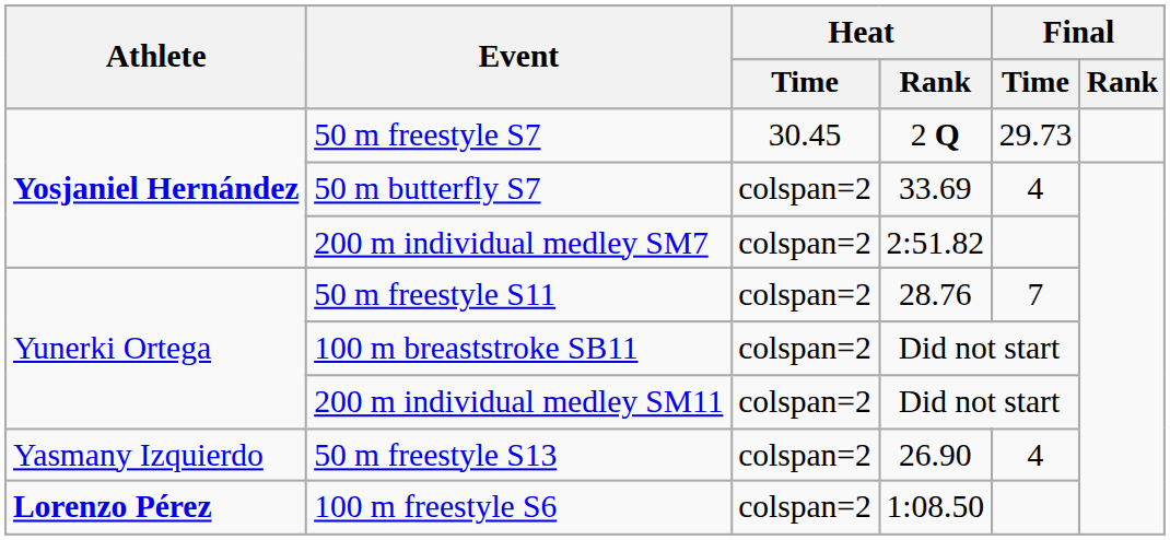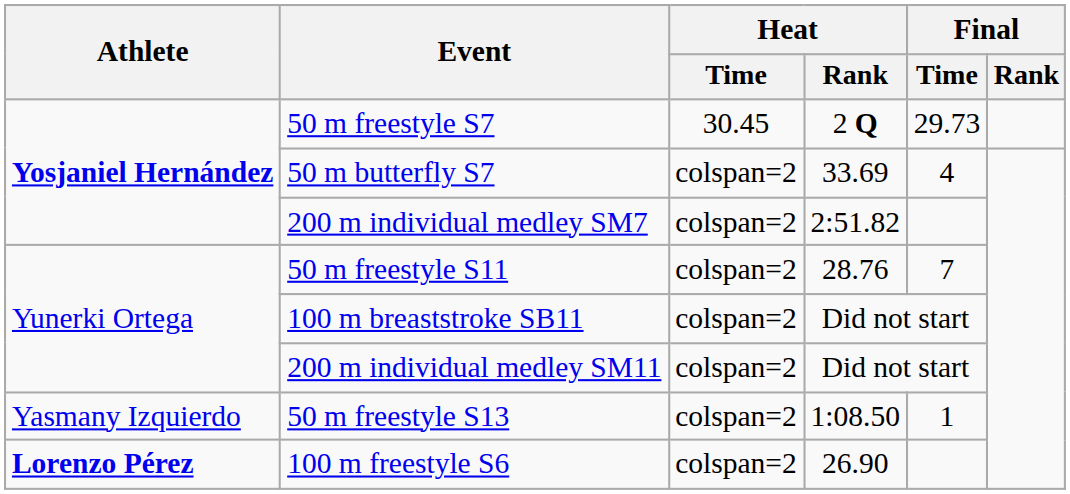 <table class=wikitable style=font-size:90%;text-align:center>
 <tr>
 <th rowspan=2>Athlete</th>
 <th rowspan=2>Event</th>
 <th colspan=2>Heat</th>
 <th colspan=2>Final</th>
 </tr>
 <tr style=font-size:95%>
 <th>Time</th>
 <th>Rank</th>
 <th>Time</th>
 <th>Rank</th>
 </tr>
 <tr align=center>
 <td align=left rowspan=3><strong><a href='#'>Yosjaniel Hernández</a></strong></td>
 <td align=left><a href='#'>50 m freestyle S7</a></td>
 <td>30.45</td>
 <td>2 <strong>Q</strong></td>
 <td>29.73</td>
 <td></td>
 </tr>
 <tr align=center>
 <td align=left><a href='#'>50 m butterfly S7</a></td>
 <td>colspan=2 </td>
 <td>33.69</td>
 <td>4</td>
 </tr>
 <tr align=center>
 <td align=left><a href='#'>200 m individual medley SM7</a></td>
 <td>colspan=2 </td>
 <td>2:51.82</td>
 <td></td>
 </tr>
 <tr align=center>
 <td align=left rowspan=3><a href='#'>Yunerki Ortega</a></td>
 <td align=left><a href='#'>50 m freestyle S11</a></td>
 <td>colspan=2 </td>
 <td>28.76</td>
 <td>7</td>
 </tr>
 <tr align=center>
 <td align=left><a href='#'>100 m breaststroke SB11</a></td>
 <td>colspan=2 </td>
 <td colspan=2>Did not start</td>
 </tr>
 <tr align=center>
 <td align=left><a href='#'>200 m individual medley SM11</a></td>
 <td>colspan=2 </td>
 <td colspan=2>Did not start</td>
 </tr>
 <tr align=center>
 <td align=left><a href='#'>Yasmany Izquierdo</a></td>
 <td align=left><a href='#'>50 m freestyle S13</a></td>
 <td>colspan=2 </td>
-<td>26.90</td>
-<td>4</td>
+<td>1:08.50</td>
+<td>1</td>
 </tr>
 <tr align=center>
 <td align=left><strong><a href='#'>Lorenzo Pérez</a></strong></td>
 <td align=left><a href='#'>100 m freestyle S6</a></td>
 <td>colspan=2 </td>
-<td>1:08.50</td>
+<td>26.90</td>
 <td></td>
 </tr>
 </table>
